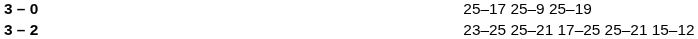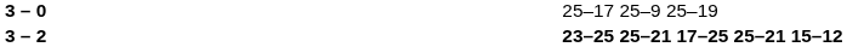 <table width=100% cellspacing=1>
 <tr>
 <th width=20%></th>
 <th width=12%></th>
 <th width=20%></th>
 <th width=33%></th>
 <td></td>
 </tr>
 <tr style=font-size:90%>
 <td align=right><strong></strong></td>
 <td align=center><strong>3 – 0</strong></td>
 <td></td>
 <td>25–17 25–9 25–19</td>
 <td></td>
 </tr>
 <tr style=font-size:90%>
 <td align=right><strong></strong></td>
 <td align=center><strong>3 – 2</strong></td>
 <td></td>
-<td>23–25 25–21 17–25 25–21 15–12</td>
+<td><strong>23–25 25–21 17–25 25–21 15–12</strong></td>
 </tr>
 </table>
